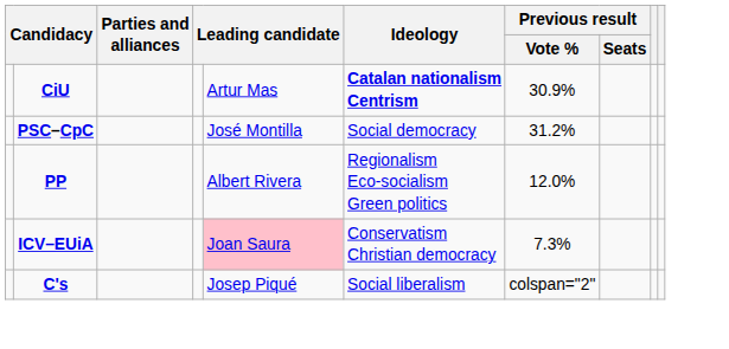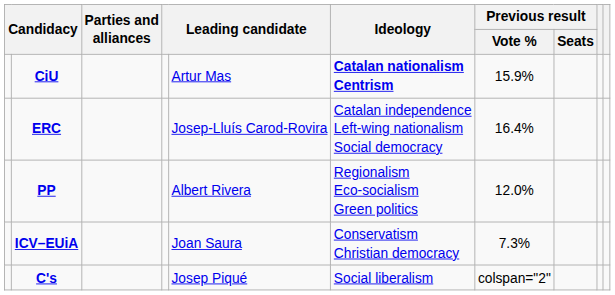 <table class="wikitable" style="line-height:1.35em; text-align:left;">
 <tr>
 <th colspan="2" rowspan="2">Candidacy</th>
 <th rowspan="2">Parties and<br>alliances</th>
 <th colspan="2" rowspan="2">Leading candidate</th>
 <th rowspan="2">Ideology</th>
 <th colspan="2">Previous result</th>
 <th rowspan="2"></th>
 <th rowspan="2"></th>
 </tr>
 <tr>
 <th>Vote %</th>
 <th>Seats</th>
 </tr>
 <tr>
 <td width="1" style="color:inherit;background:"></td>
 <td align="center"><strong><a href='#'>CiU</a></strong></td>
 <td></td>
 <td></td>
 <td><a href='#'>Artur Mas</a></td>
 <td><strong><a href='#'>Catalan nationalism</a><br><a href='#'>Centrism</a></strong></td>
-<td align="center">30.9%</td>
+<td align="center">15.9%</td>
 <td></td>
 <td></td>
 <td></td>
 </tr>
 <tr>
 <td style="color:inherit;background:"></td>
-<td align="center"><strong><a href='#'>PSC</a>–<a href='#'>CpC</a></strong></td>
+<td align="center"><strong><a href='#'>ERC</a></strong></td>
 <td></td>
 <td></td>
-<td><a href='#'>José Montilla</a></td>
-<td><a href='#'>Social democracy</a></td>
-<td align="center">31.2%</td>
+<td><a href='#'>Josep-Lluís Carod-Rovira</a></td>
+<td><a href='#'>Catalan independence</a><br><a href='#'>Left-wing nationalism</a><br><a href='#'>Social democracy</a></td>
+<td align="center">16.4%</td>
 <td></td>
 <td></td>
-<td></td>
+<td><br></td>
 </tr>
 <tr>
 <td style="color:inherit;background:"></td>
 <td align="center"><strong><a href='#'>PP</a></strong></td>
 <td></td>
 <td></td>
 <td><a href='#'>Albert Rivera</a></td>
 <td><a href='#'>Regionalism</a><br><a href='#'>Eco-socialism</a><br><a href='#'>Green politics</a></td>
 <td align="center">12.0%</td>
 <td></td>
 <td></td>
 <td></td>
 </tr>
 <tr>
 <td style="color:inherit;background:"></td>
 <td align="center"><strong><a href='#'>ICV–EUiA</a></strong></td>
 <td></td>
 <td></td>
-<td style="background: pink;"><a href='#'>Joan Saura</a></td>
+<td><a href='#'>Joan Saura</a></td>
 <td><a href='#'>Conservatism</a><br><a href='#'>Christian democracy</a></td>
 <td align="center">7.3%</td>
 <td></td>
 <td></td>
 <td></td>
 </tr>
 <tr>
 <td style="color:inherit;background:"></td>
 <td align="center"><strong><a href='#'>C's</a></strong></td>
 <td></td>
 <td></td>
 <td><a href='#'>Josep Piqué</a></td>
 <td><a href='#'>Social liberalism</a></td>
 <td>colspan="2" </td>
 <td></td>
 <td></td>
 </tr>
 </table>
